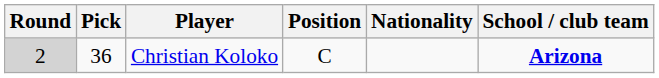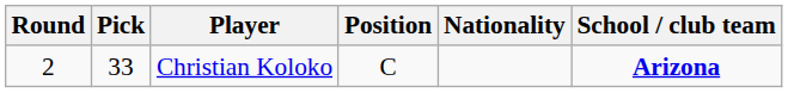 <table class="wikitable sortable sortable">
 <tr>
 <th>Round</th>
 <th>Pick</th>
 <th>Player</th>
 <th>Position</th>
 <th>Nationality</th>
 <th>School / club team</th>
 </tr>
 <tr style="text-align: center">
-<td style="background: lightgrey;">2</td>
-<td>36</td>
+<td>2</td>
+<td>33</td>
 <td><a href='#'>Christian Koloko</a></td>
 <td>C</td>
 <td></td>
 <td><strong><a href='#'>Arizona</a> </strong></td>
 </tr>
 </table>
